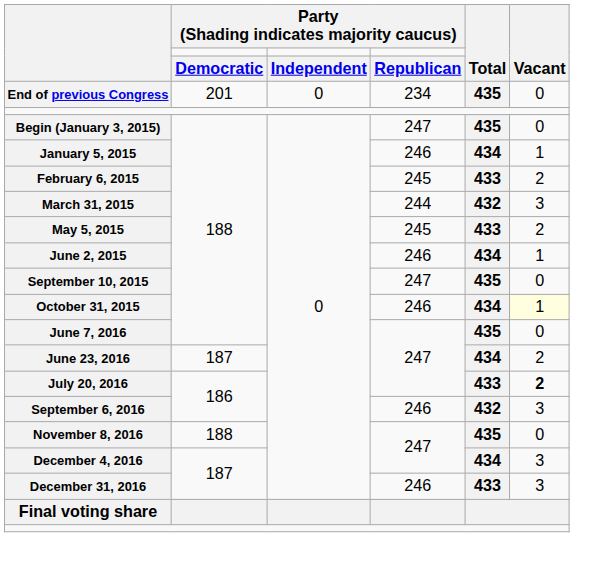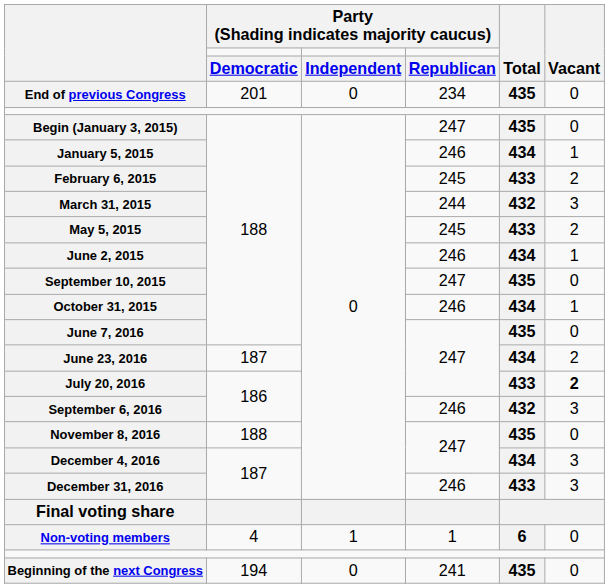 <table class=wikitable style="text-align:center">
 <tr style="vertical-align:bottom">
 <th rowspan=3></th>
 <th colspan=3>Party <div>(Shading indicates majority caucus)</div></th>
 <th rowspan=3>Total</th>
 <th rowspan=3>Vacant</th>
 </tr>
 <tr style="height:5px">
 <td style="background-color:"></td>
 <td style="background-color:"></td>
 <td style="background-color:"></td>
 </tr>
 <tr>
 <th><a href='#'>Democratic</a></th>
 <th><a href='#'>Independent</a></th>
 <th><a href='#'>Republican</a></th>
 </tr>
 <tr>
 <th style="font-size:80%">End of <a href='#'>previous Congress</a></th>
 <td>201</td>
 <td>0</td>
 <td>234</td>
 <th>435</th>
 <td>0</td>
 </tr>
 <tr>
 <td colspan=6></td>
 </tr>
 <tr>
 <th style="font-size:80%">Begin (January 3, 2015)</th>
 <td rowspan=9>188</td>
 <td rowspan=15>0</td>
 <td>247</td>
 <th>435</th>
 <td>0</td>
 </tr>
 <tr>
 <th style="font-size:80%">January 5, 2015</th>
 <td>246</td>
 <th>434</th>
 <td>1</td>
 </tr>
 <tr>
 <th style="font-size:80%">February 6, 2015</th>
 <td>245</td>
 <th>433</th>
 <td>2</td>
 </tr>
 <tr>
 <th style="font-size:80%">March 31, 2015</th>
 <td>244</td>
 <th>432</th>
 <td>3</td>
 </tr>
 <tr>
 <th style="font-size:80%">May 5, 2015</th>
 <td>245</td>
 <th>433</th>
 <td>2</td>
 </tr>
 <tr>
 <th style="font-size:80%">June 2, 2015</th>
 <td>246</td>
 <th>434</th>
 <td>1</td>
 </tr>
 <tr>
 <th style="font-size:80%">September 10, 2015</th>
 <td>247</td>
 <th>435</th>
 <td>0</td>
 </tr>
 <tr>
 <th style="font-size:80%">October 31, 2015</th>
 <td>246</td>
 <th>434</th>
-<td style="background: lightyellow;">1</td>
+<td>1</td>
 </tr>
 <tr>
 <th style="font-size:80%">June 7, 2016</th>
 <td rowspan=3 >247</td>
 <th>435</th>
 <td>0</td>
 </tr>
 <tr>
 <th style="font-size:80%">June 23, 2016</th>
 <td>187</td>
 <th>434</th>
 <td>2</td>
 </tr>
 <tr>
 <th style="font-size:80%">July 20, 2016</th>
 <td rowspan=2>186</td>
 <th>433</th>
 <td><strong>2</strong></td>
 </tr>
 <tr>
 <th style="font-size:80%">September 6, 2016</th>
 <td>246</td>
 <th>432</th>
 <td>3</td>
 </tr>
 <tr>
 <th style="font-size:80%">November 8, 2016</th>
 <td>188</td>
 <td rowspan=2 >247</td>
 <th>435</th>
 <td>0</td>
 </tr>
 <tr>
 <th style="font-size:80%">December 4, 2016</th>
 <td rowspan=2>187</td>
 <th>434</th>
 <td>3</td>
 </tr>
 <tr>
 <th style="font-size:80%">December 31, 2016</th>
 <td>246</td>
 <th>433</th>
 <td>3</td>
 </tr>
 <tr>
 <th>Final voting share</th>
 <th></th>
 <th></th>
 <th></th>
 <th colspan=2></th>
 </tr>
 <tr>
+<th style=font-size:80%><a href='#'>Non-voting members</a></th>
+<td>4</td>
+<td>1</td>
+<td>1</td>
+<th>6</th>
+<td>0</td>
+</tr>
+<tr>
 <td colspan=6></td>
 </tr>
+<tr>
+<th style="white-space:nowrap; font-size:80%">Beginning of the <a href='#'>next Congress</a></th>
+<td>194</td>
+<td>0</td>
+<td>241</td>
+<th>435</th>
+<td>0</td>
+</tr>
 </table>
